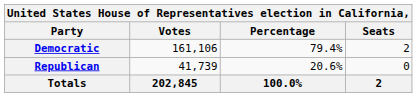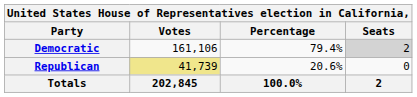 <table class=wikitable>
 <tr>
 <th colspan=6>United States House of Representatives election in California,</th>
 </tr>
 <tr>
 <th>Party</th>
 <th>Votes</th>
 <th>Percentage</th>
 <th>Seats</th>
 </tr>
 <tr>
 <th><a href='#'>Democratic</a></th>
 <td align=right>161,106</td>
 <td align=right>79.4%</td>
-<td align=right>2</td>
+<td align=right style="background: lightgrey;">2</td>
 </tr>
 <tr>
 <th><a href='#'>Republican</a></th>
-<td align=right>41,739</td>
+<td align=right style="background: khaki;">41,739</td>
 <td align=right>20.6%</td>
 <td align=right>0</td>
 </tr>
 <tr>
 <th>Totals</th>
 <th>202,845</th>
 <th>100.0%</th>
 <th>2</th>
 </tr>
 </table>
